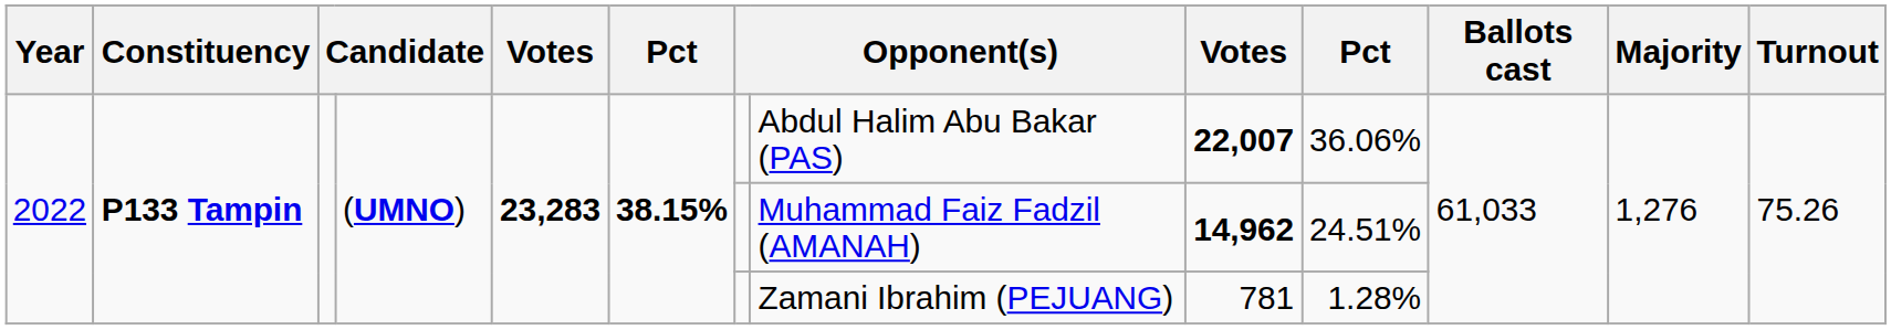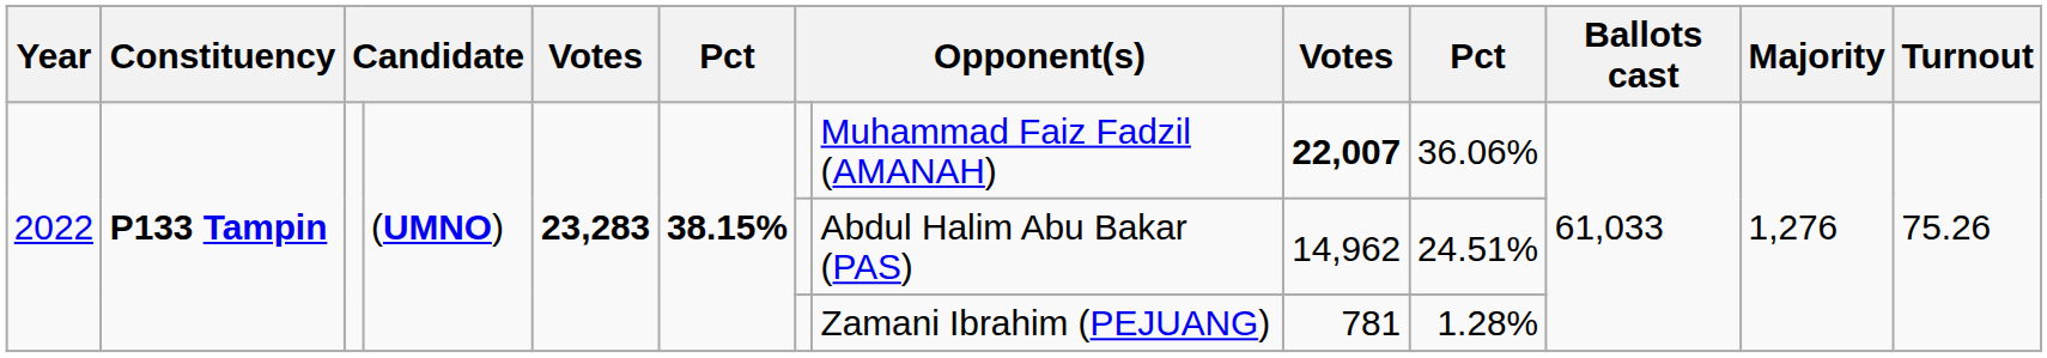 <table class="wikitable" style="margin:0.5em ; font-size:95%">
 <tr>
 <th>Year</th>
 <th>Constituency</th>
 <th colspan=2>Candidate</th>
 <th>Votes</th>
 <th>Pct</th>
 <th colspan=2>Opponent(s)</th>
 <th>Votes</th>
 <th>Pct</th>
 <th>Ballots cast</th>
 <th>Majority</th>
 <th>Turnout</th>
 </tr>
 <tr>
 <td rowspan="3"><a href='#'>2022</a></td>
 <td rowspan="3"><strong>P133 <a href='#'>Tampin</a></strong></td>
 <td rowspan="3" ></td>
 <td rowspan="3"> (<a href='#'><strong>UMNO</strong></a>)</td>
 <td rowspan="3" align=right><strong>23,283</strong></td>
 <td rowspan="3"><strong>38.15%</strong></td>
 <td></td>
-<td>Abdul Halim Abu Bakar (<a href='#'>PAS</a>)</td>
+<td><a href='#'>Muhammad Faiz Fadzil</a> (<a href='#'>AMANAH</a>)</td>
 <td align=right><strong>22,007</strong></td>
 <td>36.06%</td>
 <td rowspan="3">61,033</td>
 <td rowspan="3">1,276</td>
 <td rowspan="3">75.26</td>
 </tr>
 <tr>
 <td></td>
-<td><a href='#'>Muhammad Faiz Fadzil</a> (<a href='#'>AMANAH</a>)</td>
-<td align=right><strong>14,962</strong></td>
+<td>Abdul Halim Abu Bakar (<a href='#'>PAS</a>)</td>
+<td align=right>14,962</td>
 <td>24.51%</td>
 </tr>
 <tr>
 <td bgcolor=></td>
 <td>Zamani Ibrahim (<a href='#'>PEJUANG</a>)</td>
 <td align=right>781</td>
 <td align=right>1.28%</td>
 </tr>
 </table>
